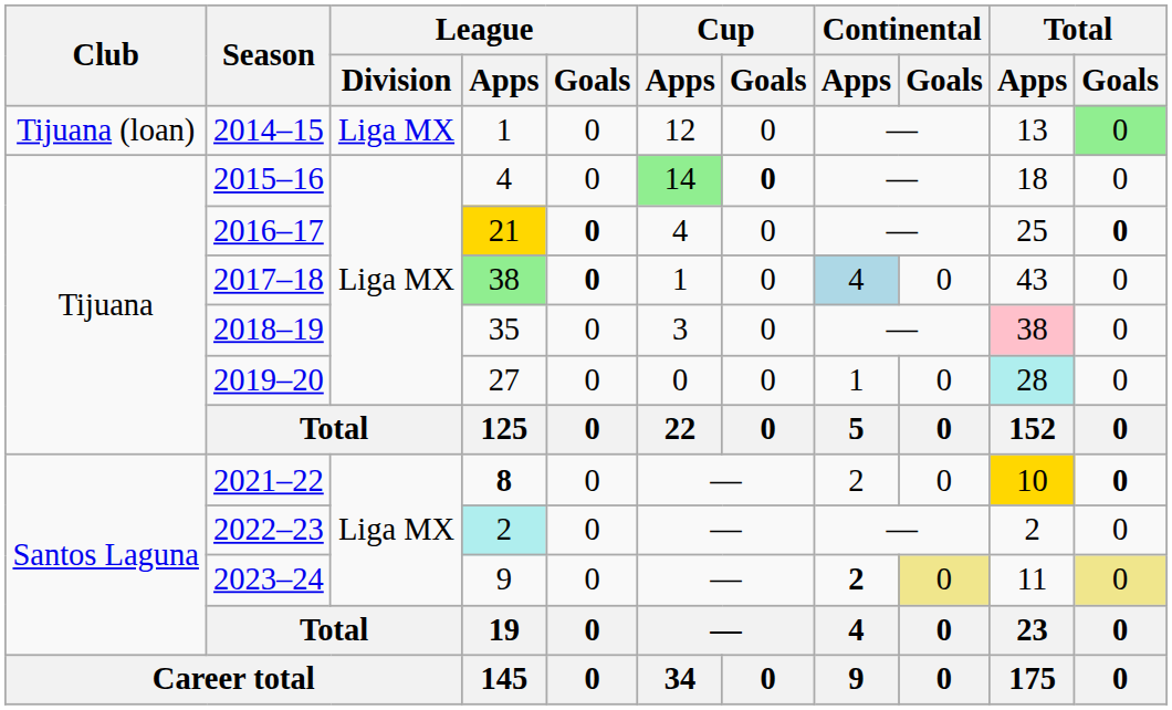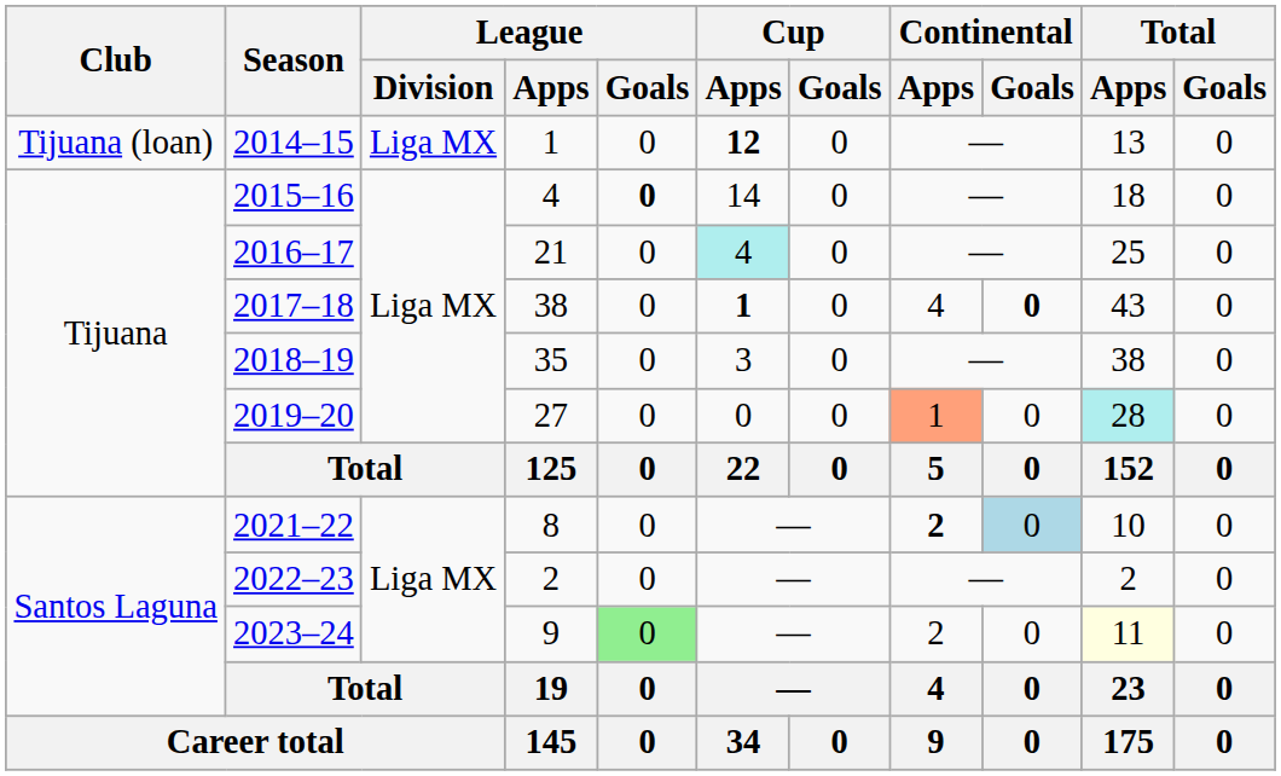 <table class="wikitable", style="text-align:center">
 <tr>
 <th rowspan="2">Club</th>
 <th rowspan="2">Season</th>
 <th colspan="3">League</th>
 <th colspan="2">Cup</th>
 <th colspan="2">Continental</th>
 <th colspan="2">Total</th>
 </tr>
 <tr>
 <th>Division</th>
 <th>Apps</th>
 <th>Goals</th>
 <th>Apps</th>
 <th>Goals</th>
 <th>Apps</th>
 <th>Goals</th>
 <th>Apps</th>
 <th>Goals</th>
 </tr>
 <tr>
 <td><a href='#'>Tijuana</a> (loan)</td>
 <td><a href='#'>2014–15</a></td>
 <td><a href='#'>Liga MX</a></td>
 <td>1</td>
 <td>0</td>
-<td>12</td>
+<td><strong>12</strong></td>
 <td>0</td>
 <td colspan="2">—</td>
 <td>13</td>
-<td style="background: lightgreen;">0</td>
+<td>0</td>
 </tr>
 <tr>
 <td rowspan="6">Tijuana</td>
 <td><a href='#'>2015–16</a></td>
 <td rowspan="5">Liga MX</td>
 <td>4</td>
+<td><strong>0</strong></td>
+<td>14</td>
 <td>0</td>
-<td style="background: lightgreen;">14</td>
-<td><strong>0</strong></td>
 <td colspan="2">—</td>
 <td>18</td>
 <td>0</td>
 </tr>
 <tr>
 <td><a href='#'>2016–17</a></td>
-<td style="background: gold;">21</td>
-<td><strong>0</strong></td>
-<td>4</td>
+<td>21</td>
+<td>0</td>
+<td style="background: paleturquoise;">4</td>
 <td>0</td>
 <td colspan="2">—</td>
 <td>25</td>
-<td><strong>0</strong></td>
+<td>0</td>
 </tr>
 <tr>
 <td><a href='#'>2017–18</a></td>
-<td style="background: lightgreen;">38</td>
+<td>38</td>
+<td>0</td>
+<td><strong>1</strong></td>
+<td>0</td>
+<td>4</td>
 <td><strong>0</strong></td>
-<td>1</td>
-<td>0</td>
-<td style="background: lightblue;">4</td>
-<td>0</td>
 <td>43</td>
 <td>0</td>
 </tr>
 <tr>
 <td><a href='#'>2018–19</a></td>
 <td>35</td>
 <td>0</td>
 <td>3</td>
 <td>0</td>
 <td colspan="2">—</td>
-<td style="background: pink;">38</td>
+<td>38</td>
 <td>0</td>
 </tr>
 <tr>
 <td><a href='#'>2019–20</a></td>
 <td>27</td>
 <td>0</td>
 <td>0</td>
 <td>0</td>
-<td>1</td>
+<td style="background: lightsalmon;">1</td>
 <td>0</td>
 <td style="background: paleturquoise;">28</td>
 <td>0</td>
 </tr>
 <tr>
 <th colspan="2">Total</th>
 <th>125</th>
 <th>0</th>
 <th>22</th>
 <th>0</th>
 <th>5</th>
 <th>0</th>
 <th>152</th>
 <th>0</th>
 </tr>
 <tr>
 <td rowspan="4"><a href='#'>Santos Laguna</a></td>
 <td><a href='#'>2021–22</a></td>
 <td rowspan="3">Liga MX</td>
-<td><strong>8</strong></td>
+<td>8</td>
 <td>0</td>
 <td colspan="2">—</td>
-<td>2</td>
+<td><strong>2</strong></td>
+<td style="background: lightblue;">0</td>
+<td>10</td>
 <td>0</td>
-<td style="background: gold;">10</td>
-<td><strong>0</strong></td>
 </tr>
 <tr>
 <td><a href='#'>2022–23</a></td>
-<td style="background: paleturquoise;">2</td>
+<td>2</td>
 <td>0</td>
 <td colspan="2">—</td>
 <td colspan="2">—</td>
 <td>2</td>
 <td>0</td>
 </tr>
 <tr>
 <td><a href='#'>2023–24</a></td>
 <td>9</td>
+<td style="background: lightgreen;">0</td>
+<td colspan="2">—</td>
+<td>2</td>
 <td>0</td>
-<td colspan="2">—</td>
-<td><strong>2</strong></td>
-<td style="background: khaki;">0</td>
-<td>11</td>
-<td style="background: khaki;">0</td>
+<td style="background: lightyellow;">11</td>
+<td>0</td>
 </tr>
 <tr>
 <th colspan="2">Total</th>
 <th>19</th>
 <th>0</th>
 <th colspan="2">—</th>
 <th>4</th>
 <th>0</th>
 <th>23</th>
 <th>0</th>
 </tr>
 <tr>
 <th colspan="3">Career total</th>
 <th>145</th>
 <th>0</th>
 <th>34</th>
 <th>0</th>
 <th>9</th>
 <th>0</th>
 <th>175</th>
 <th>0</th>
 </tr>
 </table>
